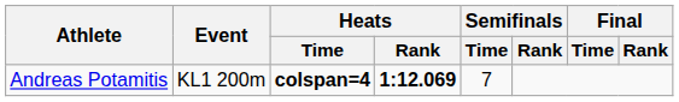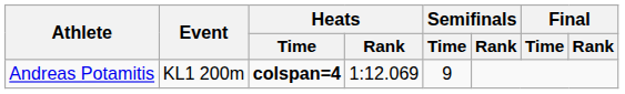 <table class=wikitable style="font-size:90%">
 <tr>
 <th rowspan="2">Athlete</th>
 <th rowspan="2">Event</th>
 <th colspan=2>Heats</th>
 <th colspan=2>Semifinals</th>
 <th colspan=2>Final</th>
 </tr>
 <tr style="font-size:95%">
 <th>Time</th>
 <th>Rank</th>
 <th>Time</th>
 <th>Rank</th>
 <th>Time</th>
 <th>Rank</th>
 </tr>
 <tr align=center>
 <td align=left><a href='#'>Andreas Potamitis</a></td>
 <td align=left>KL1 200m</td>
 <td><strong>colspan=4</strong></td>
-<td><strong>1:12.069</strong></td>
-<td>7</td>
+<td>1:12.069</td>
+<td>9</td>
 </tr>
 </table>
